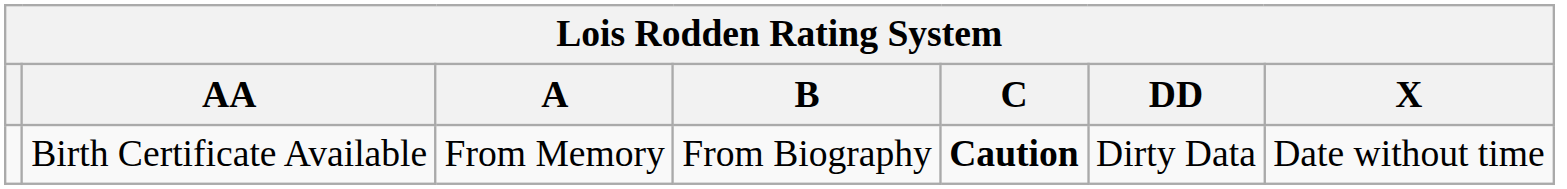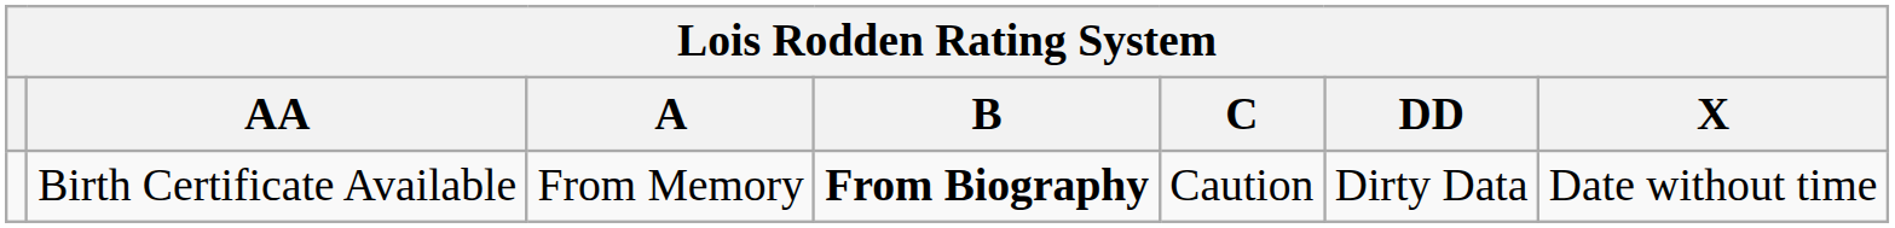 <table class ="wikitable">
 <tr>
 <th colspan="7">Lois Rodden Rating System</th>
 </tr>
 <tr>
 <th></th>
 <th><span>AA</span></th>
 <th><span>A</span></th>
 <th><span>B</span></th>
 <th><span>C</span></th>
 <th><span>DD</span></th>
 <th><span>X</span></th>
 </tr>
 <tr>
 <td></td>
 <td>Birth Certificate Available</td>
 <td>From Memory</td>
-<td>From Biography</td>
-<td><strong>Caution</strong></td>
+<td><strong>From Biography</strong></td>
+<td>Caution</td>
 <td>Dirty Data</td>
 <td>Date without time</td>
 </tr>
 </table>
